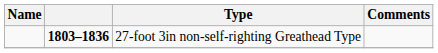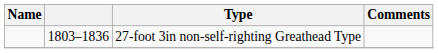 <table class="wikitable">
 <tr>
 <th>Name</th>
 <th></th>
 <th>Type</th>
 <th>Comments</th>
 </tr>
 <tr>
 <td></td>
-<td><strong>1803–1836</strong></td>
+<td>1803–1836</td>
 <td>27-foot 3in non-self-righting Greathead Type</td>
 <td></td>
 </tr>
 <tr>
 </tr>
 </table>
